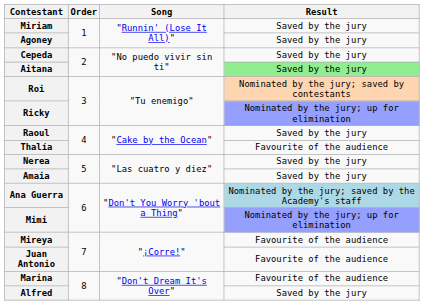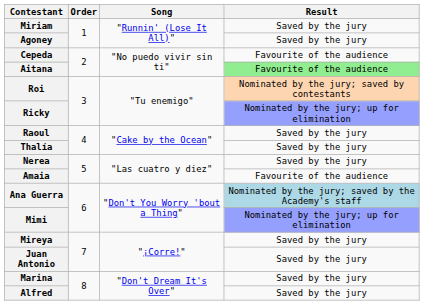 <table class="wikitable plainrowheaders" style="text-align:center;">
 <tr>
 <th scope="col">Contestant</th>
 <th scope="col">Order</th>
 <th scope="col">Song</th>
 <th scope="col">Result</th>
 </tr>
 <tr>
 <th scope="row">Miriam</th>
 <td rowspan="2">1</td>
 <td rowspan="2">"<a href='#'>Runnin' (Lose It All)</a>"</td>
 <td>Saved by the jury</td>
 </tr>
 <tr>
 <th scope="row">Agoney</th>
 <td>Saved by the jury</td>
 </tr>
 <tr>
 <th scope="row">Cepeda</th>
 <td rowspan="2">2</td>
 <td rowspan="2">"No puedo vivir sin ti"</td>
-<td>Saved by the jury</td>
+<td>Favourite of the audience</td>
 </tr>
 <tr style="background:lightgreen">
 <th scope="row">Aitana</th>
-<td>Saved by the jury</td>
+<td>Favourite of the audience</td>
 </tr>
 <tr>
 <th scope="row">Roi</th>
 <td rowspan="2">3</td>
 <td rowspan="2">"Tu enemigo"</td>
 <td style="background:#fdd5b1;">Nominated by the jury; saved by contestants</td>
 </tr>
 <tr>
 <th scope="row">Ricky</th>
 <td style="background:#959ffd;">Nominated by the jury; up for elimination</td>
 </tr>
 <tr>
 <th scope="row">Raoul</th>
 <td rowspan="2">4</td>
 <td rowspan="2">"<a href='#'>Cake by the Ocean</a>"</td>
 <td>Saved by the jury</td>
 </tr>
 <tr>
 <th scope="row">Thalía</th>
-<td>Favourite of the audience</td>
+<td>Saved by the jury</td>
 </tr>
 <tr>
 <th scope="row">Nerea</th>
 <td rowspan="2">5</td>
 <td rowspan="2">"Las cuatro y diez"</td>
 <td>Saved by the jury</td>
 </tr>
 <tr>
 <th scope="row">Amaia</th>
-<td>Saved by the jury</td>
+<td>Favourite of the audience</td>
 </tr>
 <tr>
 <th scope="row">Ana Guerra</th>
 <td rowspan="2">6</td>
 <td rowspan="2">"<a href='#'>Don't You Worry 'bout a Thing</a>"</td>
 <td style="background:lightblue;">Nominated by the jury; saved by the Academy's staff</td>
 </tr>
 <tr>
 <th scope="row">Mimi</th>
 <td style="background:#959ffd;">Nominated by the jury; up for elimination</td>
 </tr>
 <tr>
 <th scope="row">Mireya</th>
 <td rowspan="2">7</td>
 <td rowspan="2">"<a href='#'>¡Corre!</a>"</td>
-<td>Favourite of the audience</td>
+<td>Saved by the jury</td>
 </tr>
 <tr>
 <th scope="row">Juan Antonio</th>
-<td>Favourite of the audience</td>
+<td>Saved by the jury</td>
 </tr>
 <tr>
 <th scope="row">Marina</th>
 <td rowspan="2">8</td>
 <td rowspan="2">"<a href='#'>Don't Dream It's Over</a>"</td>
-<td>Favourite of the audience</td>
+<td>Saved by the jury</td>
 </tr>
 <tr>
 <th scope="row">Alfred</th>
 <td>Saved by the jury</td>
 </tr>
 </table>
